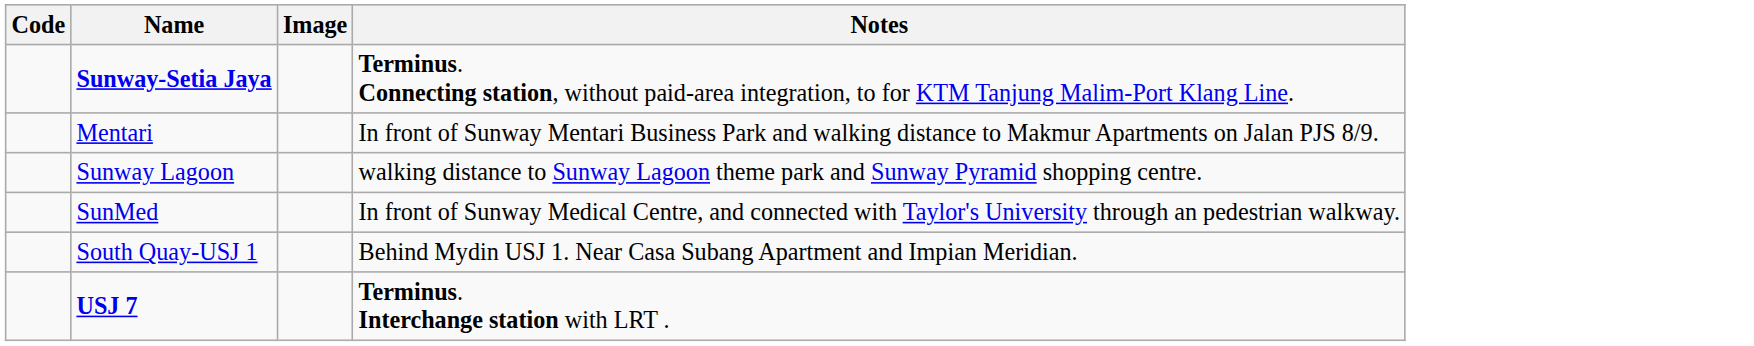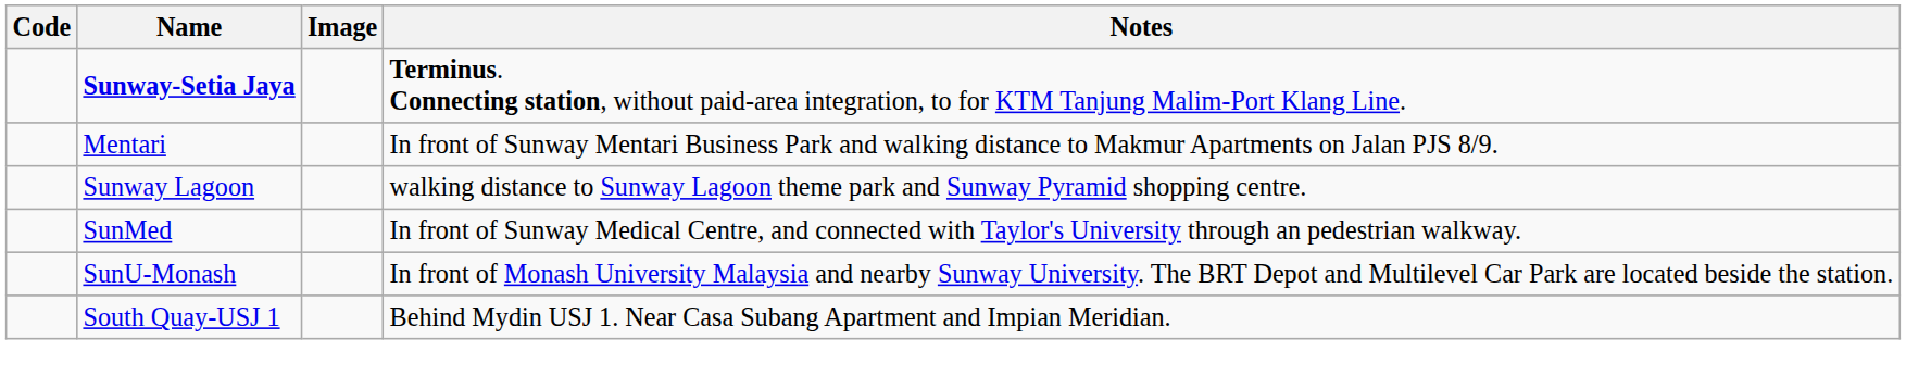 <table class="wikitable sortable" style="margin-left: 1em; margin-bottom: 1em; color: black; border-collapse: collapse; font-size: 95%">
 <tr>
 <th style="background:#">Code</th>
 <th style="background:#">Name</th>
 <th style="background:#">Image</th>
 <th style="background:#">Notes</th>
 </tr>
 <tr>
 <td></td>
 <td><a href='#'><strong>Sunway-Setia Jaya</strong></a></td>
 <td></td>
 <td><strong>Terminus</strong>.<br><strong>Connecting station</strong>, without paid-area integration, to  <strong></strong> for <a href='#'>KTM Tanjung Malim-Port Klang Line</a>.</td>
 </tr>
 <tr>
 <td></td>
 <td><a href='#'>Mentari</a></td>
 <td></td>
 <td>In front of Sunway Mentari Business Park and walking distance to Makmur Apartments on Jalan PJS 8/9.</td>
 </tr>
 <tr>
 <td></td>
 <td><a href='#'>Sunway Lagoon</a></td>
 <td></td>
 <td> walking distance to <a href='#'>Sunway Lagoon</a> theme park and <a href='#'>Sunway Pyramid</a> shopping centre.</td>
 </tr>
 <tr>
 <td></td>
 <td><a href='#'>SunMed</a></td>
 <td></td>
 <td>In front of Sunway Medical Centre, and connected with <a href='#'>Taylor's University</a> through an  pedestrian walkway.</td>
 </tr>
 <tr>
 <td></td>
+<td><a href='#'>SunU-Monash</a></td>
+<td></td>
+<td>In front of <a href='#'>Monash University Malaysia</a> and nearby <a href='#'>Sunway University</a>. The BRT Depot and Multilevel Car Park are located beside the station.</td>
+</tr>
+<tr>
+<td></td>
 <td><a href='#'>South Quay-USJ 1</a></td>
 <td></td>
 <td>Behind Mydin USJ 1. Near Casa Subang Apartment and Impian Meridian.</td>
 </tr>
-<tr>
-<td><a href='#'></a></td>
-<td><a href='#'><strong>USJ 7</strong></a></td>
-<td></td>
-<td><strong>Terminus</strong>.<br><strong>Interchange station</strong> with <a href='#'></a> LRT .</td>
-</tr>
 </table>
